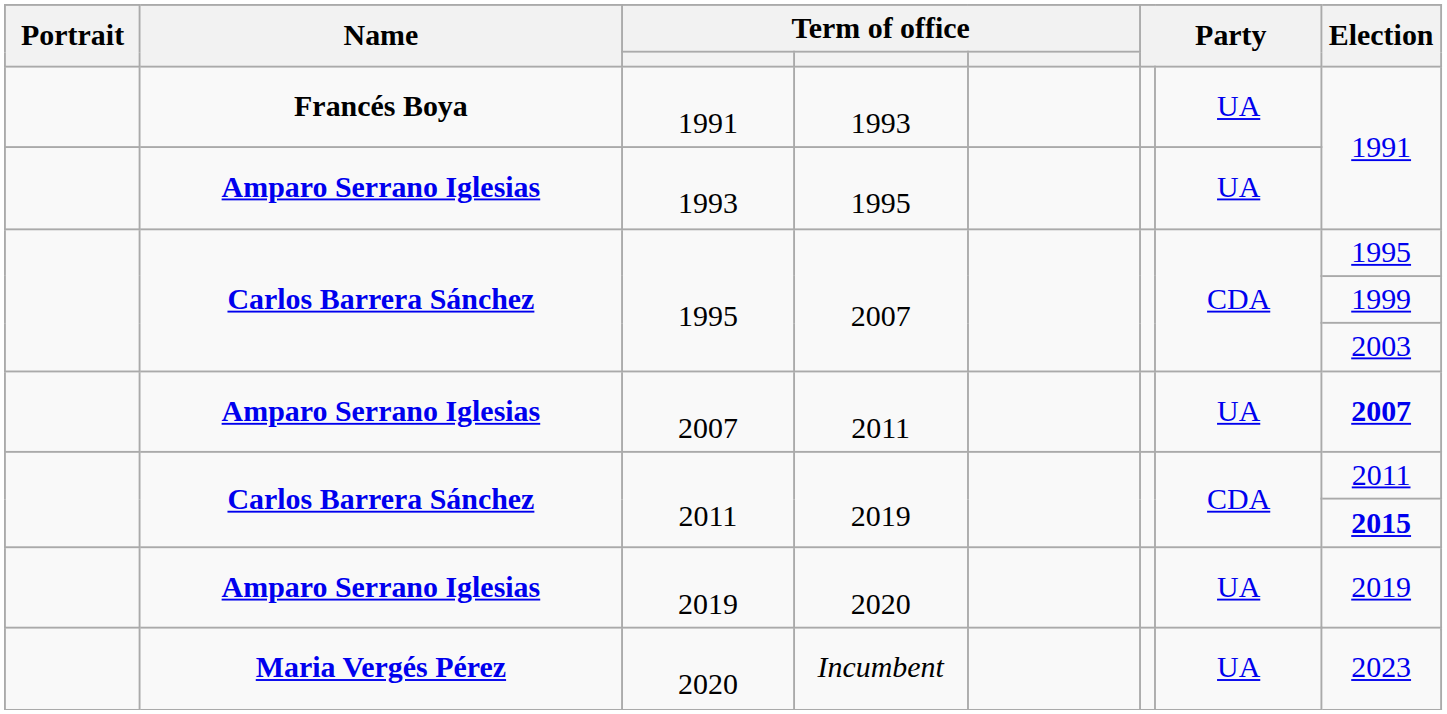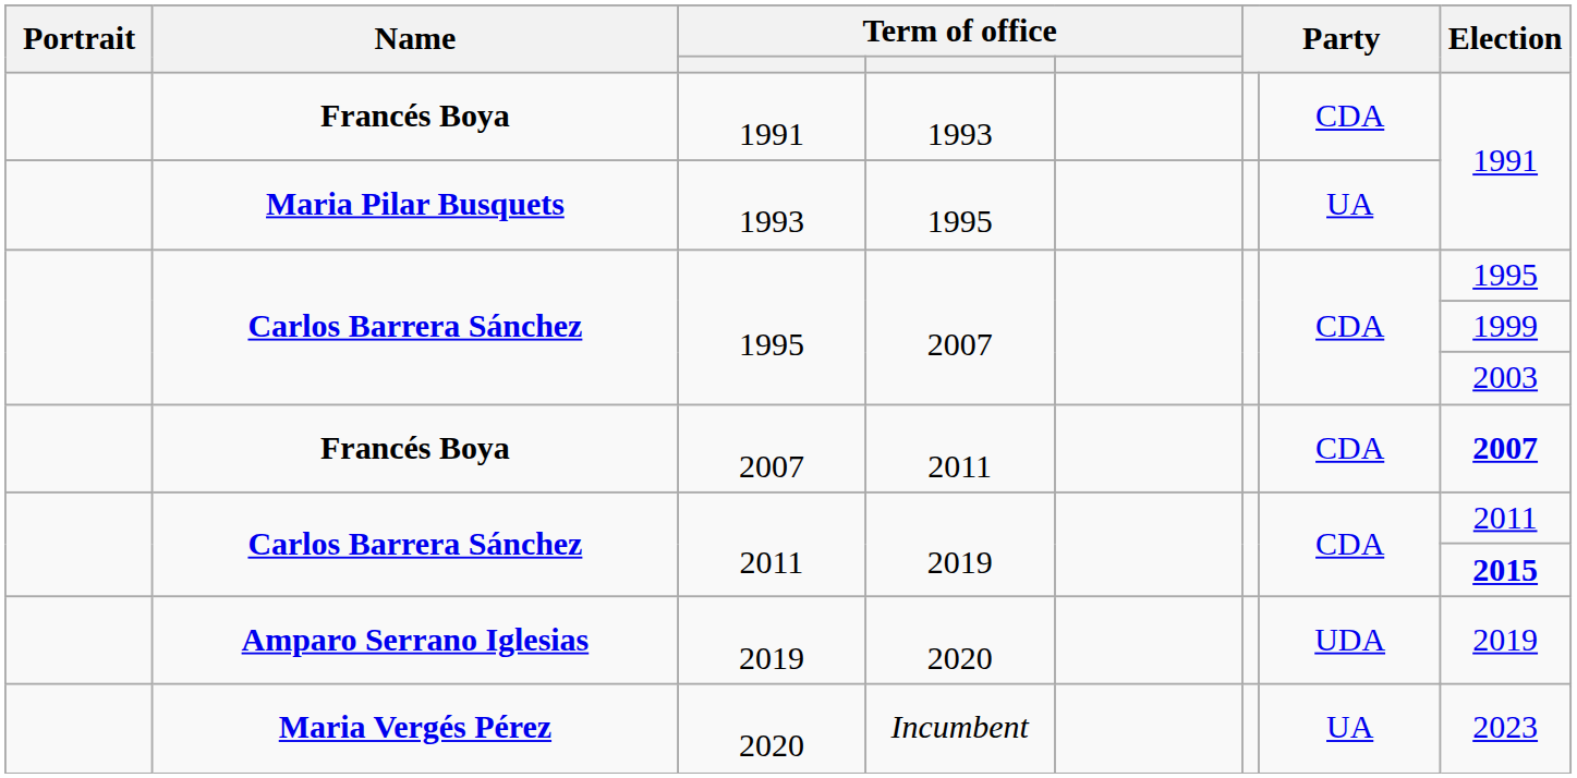 <table class="wikitable" style="text-align:center">
 <tr>
 <th rowspan="2" width="65">Portrait</th>
 <th rowspan="2" width="250">Name<br></th>
 <th colspan="3">Term of office</th>
 <th rowspan="2" colspan="2" width="90">Party</th>
 <th rowspan="2"><strong>Election</strong></th>
 </tr>
 <tr>
 <th width="85"></th>
 <th width="85"></th>
 <th width="85"></th>
 </tr>
 <tr>
 <td></td>
 <td><strong>Francés Boya</strong><br></td>
 <td><br>1991</td>
 <td><br>1993</td>
 <td></td>
 <td width="1" style="color:inherit;background:"></td>
-<td><a href='#'>UA</a></td>
+<td><a href='#'>CDA</a></td>
 <td rowspan="2"><a href='#'>1991</a></td>
 </tr>
 <tr>
 <td></td>
-<td><strong><a href='#'>Amparo Serrano Iglesias</a></strong></td>
+<td><strong><a href='#'>Maria Pilar Busquets</a></strong><br></td>
 <td><br>1993</td>
 <td><br>1995</td>
 <td></td>
 <td style="color:inherit;background:"></td>
 <td><a href='#'>UA</a></td>
 </tr>
 <tr>
 <td rowspan="3"></td>
 <td rowspan="3"><strong><a href='#'>Carlos Barrera Sánchez</a></strong><br></td>
 <td rowspan="3"><br>1995</td>
 <td rowspan="3"><br>2007</td>
 <td rowspan="3"></td>
 <td rowspan="3" style="color:inherit;background:"></td>
 <td rowspan="3"><a href='#'>CDA</a></td>
 <td><a href='#'>1995</a></td>
 </tr>
 <tr>
 <td><a href='#'>1999</a></td>
 </tr>
 <tr>
 <td><a href='#'>2003</a></td>
 </tr>
 <tr>
 <td></td>
-<td><strong><a href='#'>Amparo Serrano Iglesias</a></strong></td>
+<td><strong>Francés Boya</strong><br></td>
 <td><br>2007</td>
 <td><br>2011</td>
 <td></td>
 <td style="color:inherit;background:"></td>
-<td><a href='#'>UA</a></td>
+<td><a href='#'>CDA</a></td>
 <td><strong><a href='#'>2007</a></strong></td>
 </tr>
 <tr>
 <td rowspan="2"></td>
 <td rowspan="2"><strong><a href='#'>Carlos Barrera Sánchez</a></strong><br></td>
 <td rowspan="2"><br>2011</td>
 <td rowspan="2"><br>2019</td>
 <td rowspan="2"></td>
 <td rowspan="2" style="color:inherit;background:"></td>
 <td rowspan="2"><a href='#'>CDA</a></td>
 <td><a href='#'>2011</a></td>
 </tr>
 <tr>
 <td><strong><a href='#'>2015</a></strong></td>
 </tr>
 <tr>
 <td></td>
 <td><strong><a href='#'>Amparo Serrano Iglesias</a></strong></td>
 <td><br>2019</td>
 <td><br>2020</td>
 <td></td>
 <td style="color:inherit;background:"></td>
-<td><a href='#'>UA</a></td>
+<td><a href='#'>UDA</a></td>
 <td rowspan="2"><a href='#'>2019</a></td>
 </tr>
 <tr>
 <td rowspan="2"></td>
 <td rowspan="2"><strong><a href='#'>Maria Vergés Pérez</a></strong></td>
 <td rowspan="2"><br>2020</td>
 <td rowspan="2"><em>Incumbent</em></td>
 <td rowspan="2"></td>
 <td rowspan="2" style="color:inherit;background:"></td>
 <td rowspan="2"><a href='#'>UA</a></td>
 </tr>
 <tr>
 <td><a href='#'>2023</a></td>
 </tr>
 </table>
